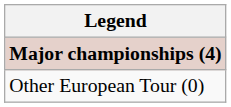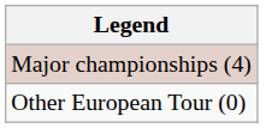 <table class="wikitable" style="font-size:95%;">
 <tr>
 <th>Legend</th>
 </tr>
 <tr style="background:#e5d1cb;">
-<td><strong>Major championships (4)</strong></td>
+<td>Major championships (4)</td>
 </tr>
 <tr>
 <td>Other European Tour (0)</td>
 </tr>
 </table>
